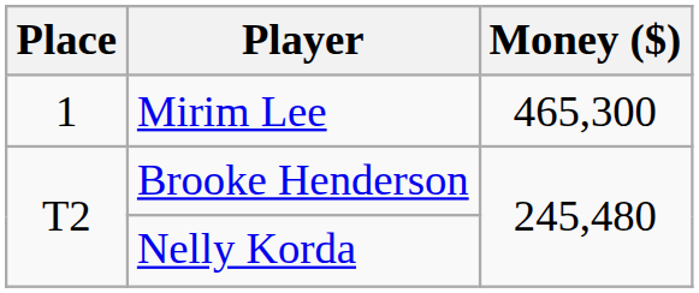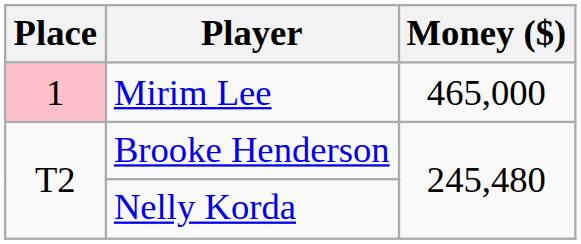 <table class="wikitable">
 <tr>
 <th>Place</th>
 <th>Player</th>
 <th>Money ($)</th>
 </tr>
 <tr>
-<td align=center>1</td>
+<td align=center style="background: pink;">1</td>
 <td> <a href='#'>Mirim Lee</a></td>
-<td align=center>465,300</td>
+<td align=center>465,000</td>
 </tr>
 <tr>
 <td rowspan=2 align=center>T2</td>
 <td> <a href='#'>Brooke Henderson</a></td>
 <td rowspan=2 align=center>245,480</td>
 </tr>
 <tr>
 <td> <a href='#'>Nelly Korda</a></td>
 </tr>
 </table>
